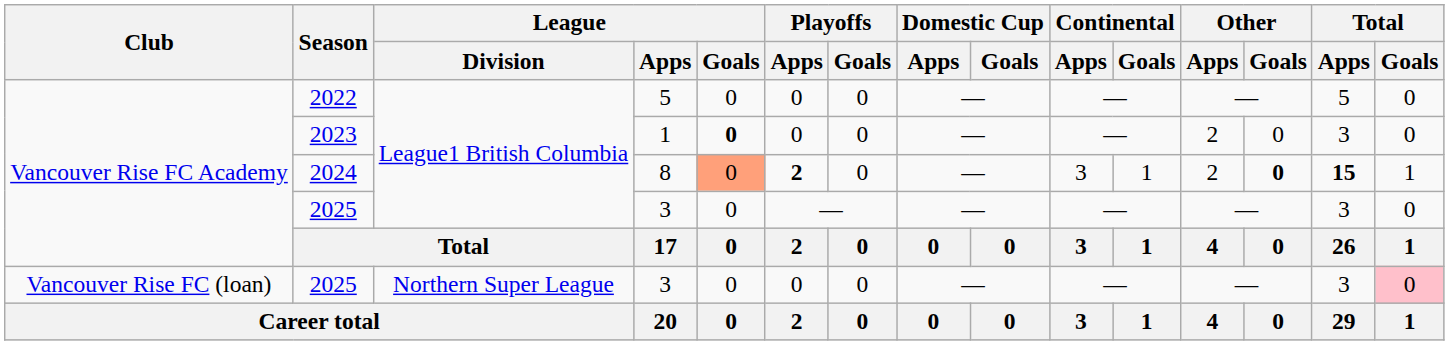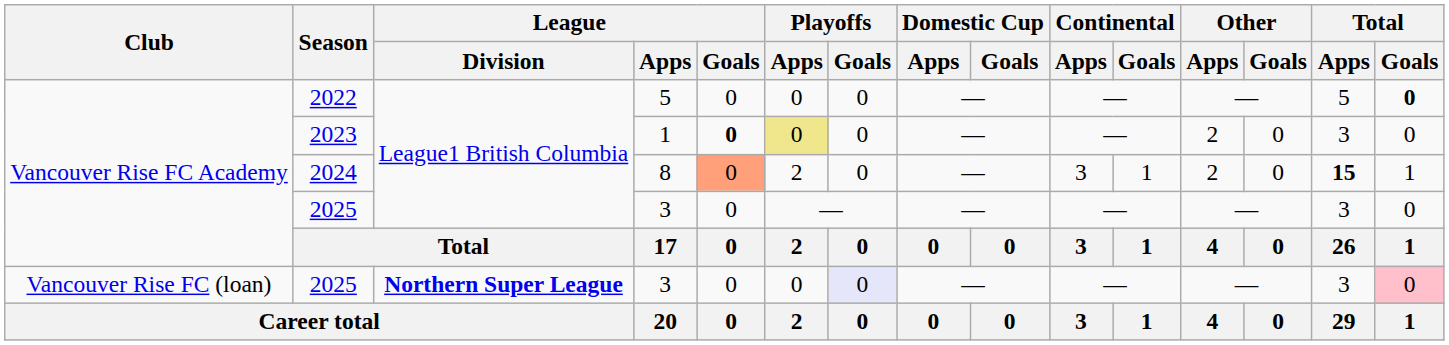 <table class="wikitable" style="text-align: center;">
 <tr>
 <th rowspan="2">Club</th>
 <th rowspan="2">Season</th>
 <th colspan="3">League</th>
 <th colspan="2">Playoffs</th>
 <th colspan="2">Domestic Cup</th>
 <th colspan="2">Continental</th>
 <th colspan="2">Other</th>
 <th colspan="2">Total</th>
 </tr>
 <tr>
 <th>Division</th>
 <th>Apps</th>
 <th>Goals</th>
 <th>Apps</th>
 <th>Goals</th>
 <th>Apps</th>
 <th>Goals</th>
 <th>Apps</th>
 <th>Goals</th>
 <th>Apps</th>
 <th>Goals</th>
 <th>Apps</th>
 <th>Goals</th>
 </tr>
 <tr>
 <td rowspan="5"><a href='#'>Vancouver Rise FC Academy</a></td>
 <td><a href='#'>2022</a></td>
 <td rowspan="4"><a href='#'>League1 British Columbia</a></td>
 <td>5</td>
 <td>0</td>
 <td>0</td>
 <td>0</td>
 <td colspan="2">—</td>
 <td colspan="2">—</td>
 <td colspan="2">—</td>
 <td>5</td>
-<td>0</td>
+<td><strong>0</strong></td>
 </tr>
 <tr>
 <td><a href='#'>2023</a></td>
 <td>1</td>
 <td><strong>0</strong></td>
-<td>0</td>
+<td style="background: khaki;">0</td>
 <td>0</td>
 <td colspan="2">—</td>
 <td colspan="2">—</td>
 <td>2</td>
 <td>0</td>
 <td>3</td>
 <td>0</td>
 </tr>
 <tr>
 <td><a href='#'>2024</a></td>
 <td>8</td>
 <td style="background: lightsalmon;">0</td>
-<td><strong>2</strong></td>
+<td>2</td>
 <td>0</td>
 <td colspan="2">—</td>
 <td>3</td>
 <td>1</td>
 <td>2</td>
-<td><strong>0</strong></td>
+<td>0</td>
 <td><strong>15</strong></td>
 <td>1</td>
 </tr>
 <tr>
 <td><a href='#'>2025</a></td>
 <td>3</td>
 <td>0</td>
 <td colspan="2">—</td>
 <td colspan="2">—</td>
 <td colspan="2">—</td>
 <td colspan="2">—</td>
 <td>3</td>
 <td>0</td>
 </tr>
 <tr>
 <th colspan="2">Total</th>
 <th>17</th>
 <th>0</th>
 <th>2</th>
 <th>0</th>
 <th>0</th>
 <th>0</th>
 <th>3</th>
 <th>1</th>
 <th>4</th>
 <th>0</th>
 <th>26</th>
 <th>1</th>
 </tr>
 <tr>
 <td><a href='#'>Vancouver Rise FC</a> (loan)</td>
 <td><a href='#'>2025</a></td>
-<td><a href='#'>Northern Super League</a></td>
+<td><strong><a href='#'>Northern Super League</a></strong></td>
 <td>3</td>
 <td>0</td>
 <td>0</td>
-<td>0</td>
+<td style="background: lavender;">0</td>
 <td colspan="2">—</td>
 <td colspan="2">—</td>
 <td colspan="2">—</td>
 <td>3</td>
 <td style="background: pink;">0</td>
 </tr>
 <tr>
 <th colspan="3">Career total</th>
 <th>20</th>
 <th>0</th>
 <th>2</th>
 <th>0</th>
 <th>0</th>
 <th>0</th>
 <th>3</th>
 <th>1</th>
 <th>4</th>
 <th>0</th>
 <th>29</th>
 <th>1</th>
 </tr>
 </table>
